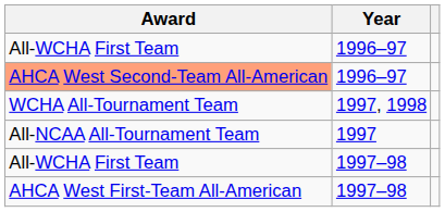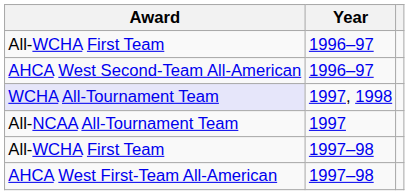 <table class="wikitable">
 <tr>
 <th>Award</th>
 <th>Year</th>
 <th></th>
 </tr>
 <tr>
 <td>All-<a href='#'>WCHA</a> <a href='#'>First Team</a></td>
 <td><a href='#'>1996–97</a></td>
 <td></td>
 </tr>
 <tr>
-<td style="background: lightsalmon;"><a href='#'>AHCA</a> <a href='#'>West Second-Team All-American</a></td>
+<td><a href='#'>AHCA</a> <a href='#'>West Second-Team All-American</a></td>
 <td><a href='#'>1996–97</a></td>
 <td></td>
 </tr>
 <tr>
-<td><a href='#'>WCHA</a> <a href='#'>All-Tournament Team</a></td>
+<td style="background: lavender;"><a href='#'>WCHA</a> <a href='#'>All-Tournament Team</a></td>
 <td><a href='#'>1997</a>, <a href='#'>1998</a></td>
 <td></td>
 </tr>
 <tr>
 <td>All-<a href='#'>NCAA</a> <a href='#'>All-Tournament Team</a></td>
 <td><a href='#'>1997</a></td>
 <td></td>
 </tr>
 <tr>
 <td>All-<a href='#'>WCHA</a> <a href='#'>First Team</a></td>
 <td><a href='#'>1997–98</a></td>
 <td></td>
 </tr>
 <tr>
 <td><a href='#'>AHCA</a> <a href='#'>West First-Team All-American</a></td>
 <td><a href='#'>1997–98</a></td>
 <td></td>
 </tr>
 </table>
